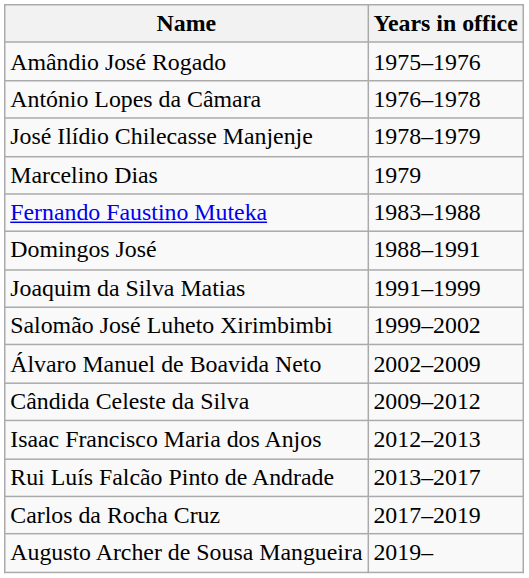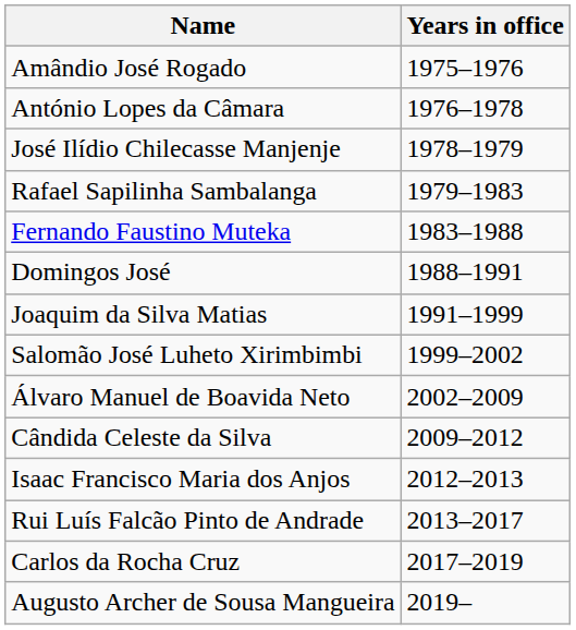 <table class="wikitable sortable">
 <tr>
 <th>Name</th>
 <th>Years in office</th>
 </tr>
 <tr>
 <td>Amândio José Rogado</td>
 <td>1975–1976</td>
 </tr>
 <tr>
 <td>António Lopes da Câmara</td>
 <td>1976–1978</td>
 </tr>
 <tr>
 <td>José Ilídio Chilecasse Manjenje</td>
 <td>1978–1979</td>
 </tr>
 <tr>
-<td>Marcelino Dias</td>
-<td>1979</td>
+<td>Rafael Sapilinha Sambalanga</td>
+<td>1979–1983</td>
 </tr>
 <tr>
 <td><a href='#'>Fernando Faustino Muteka</a></td>
 <td>1983–1988</td>
 </tr>
 <tr>
 <td>Domingos José</td>
 <td>1988–1991</td>
 </tr>
 <tr>
 <td>Joaquim da Silva Matias</td>
 <td>1991–1999</td>
 </tr>
 <tr>
 <td>Salomão José Luheto Xirimbimbi</td>
 <td>1999–2002</td>
 </tr>
 <tr>
 <td>Álvaro Manuel de Boavida Neto</td>
 <td>2002–2009</td>
 </tr>
 <tr>
 <td>Cândida Celeste da Silva</td>
 <td>2009–2012</td>
 </tr>
 <tr>
 <td>Isaac Francisco Maria dos Anjos</td>
 <td>2012–2013</td>
 </tr>
 <tr>
 <td>Rui Luís Falcão Pinto de Andrade</td>
 <td>2013–2017</td>
 </tr>
 <tr>
 <td>Carlos da Rocha Cruz</td>
 <td>2017–2019</td>
 </tr>
 <tr>
 <td>Augusto Archer de Sousa Mangueira</td>
 <td>2019–</td>
 </tr>
 </table>
